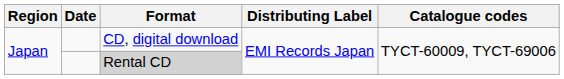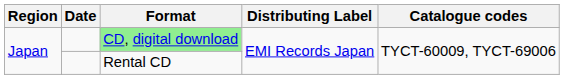 <table class="wikitable">
 <tr>
 <th>Region</th>
 <th>Date</th>
 <th>Format</th>
 <th>Distributing Label</th>
 <th>Catalogue codes</th>
 </tr>
 <tr>
 <td rowspan="2"><a href='#'>Japan</a></td>
 <td></td>
-<td><a href='#'>CD</a>, <a href='#'>digital download</a></td>
+<td style="background: lightgreen;"><a href='#'>CD</a>, <a href='#'>digital download</a></td>
 <td rowspan="2"><a href='#'>EMI Records Japan</a></td>
 <td rowspan="2">TYCT-60009, TYCT-69006</td>
 </tr>
 <tr>
 <td></td>
-<td style="background: lightgrey;">Rental CD</td>
+<td>Rental CD</td>
 </tr>
 </table>
